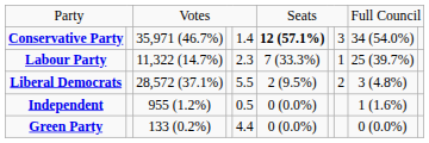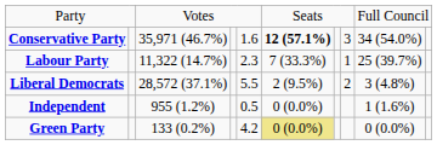 <table class=wikitable style="text-align:center;">
 <tr>
 <td colspan=2>Party</td>
 <td colspan=3>Votes</td>
 <td colspan=3>Seats</td>
 <td colspan=3>Full Council</td>
 </tr>
 <tr>
 <td><strong><a href='#'>Conservative Party</a></strong></td>
 <td style="background:"></td>
 <td>35,971 (46.7%)</td>
 <td></td>
-<td> 1.4</td>
+<td> 1.6</td>
 <td><strong>12 (57.1%)</strong></td>
 <td></td>
 <td> 3</td>
 <td>34 (54.0%)</td>
 <td></td>
 </tr>
 <tr>
 <td><strong><a href='#'>Labour Party</a></strong></td>
 <td style="background:"></td>
 <td>11,322 (14.7%)</td>
 <td></td>
 <td> 2.3</td>
 <td>7 (33.3%)</td>
 <td></td>
 <td> 1</td>
 <td>25 (39.7%)</td>
 <td></td>
 </tr>
 <tr>
 <td><strong><a href='#'>Liberal Democrats</a></strong></td>
 <td style="background:"></td>
 <td>28,572 (37.1%)</td>
 <td></td>
 <td> 5.5</td>
 <td>2 (9.5%)</td>
 <td></td>
 <td> 2</td>
 <td>3 (4.8%)</td>
 <td></td>
 </tr>
 <tr>
 <td><strong><a href='#'>Independent</a></strong></td>
 <td style="background:"></td>
 <td>955 (1.2%)</td>
 <td></td>
 <td> 0.5</td>
 <td>0 (0.0%)</td>
 <td></td>
 <td></td>
 <td>1 (1.6%)</td>
 <td></td>
 </tr>
 <tr>
 <td><strong><a href='#'>Green Party</a></strong></td>
 <td style="background:"></td>
 <td>133 (0.2%)</td>
 <td></td>
-<td> 4.4</td>
-<td>0 (0.0%)</td>
+<td> 4.2</td>
+<td style="background: khaki;">0 (0.0%)</td>
 <td></td>
 <td></td>
 <td>0 (0.0%)</td>
 <td></td>
 </tr>
 </table>
